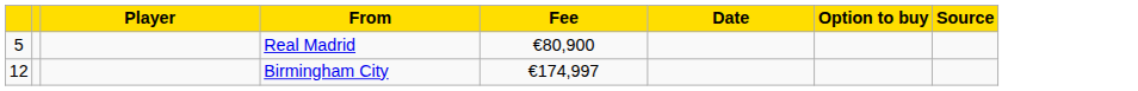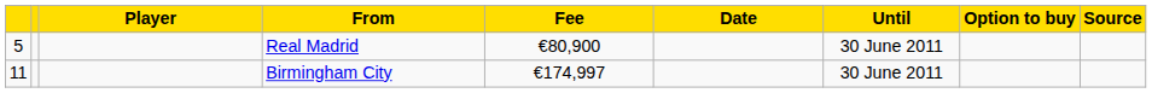 <table class="wikitable sortable">
 <tr>
 <th style="background:#FFDE00"></th>
 <th style="background:#FFDE00"></th>
 <th width=200 style="background:#FFDE00">Player</th>
 <th width=200 style="background:#FFDE00">From</th>
 <th width=150 style="background:#FFDE00">Fee</th>
 <th width=150 style="background:#FFDE00">Date</th>
+<th width=120 style="background:#FFDE00">Until</th>
 <th style="background:#FFDE00">Option to buy</th>
 <th style="background:#FFDE00">Source</th>
 </tr>
 <tr>
 <td align=center>5</td>
 <td align=center></td>
 <td></td>
 <td> <a href='#'>Real Madrid</a></td>
 <td align=center>€80,900</td>
 <td align=center></td>
+<td align=center>30 June 2011</td>
 <td align=center></td>
 <td align=center></td>
 </tr>
 <tr>
-<td align=center>12</td>
+<td align=center>11</td>
 <td align=center></td>
 <td></td>
 <td> <a href='#'>Birmingham City</a></td>
 <td align=center>€174,997</td>
 <td align=center></td>
+<td align=center>30 June 2011</td>
 <td align=center></td>
 <td align=center></td>
 </tr>
 </table>
